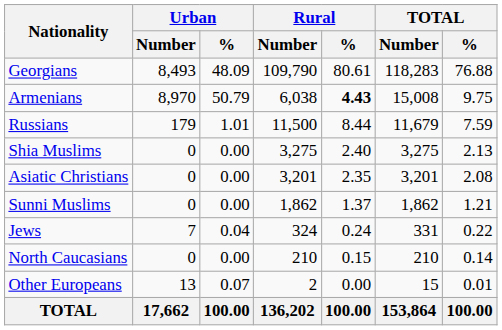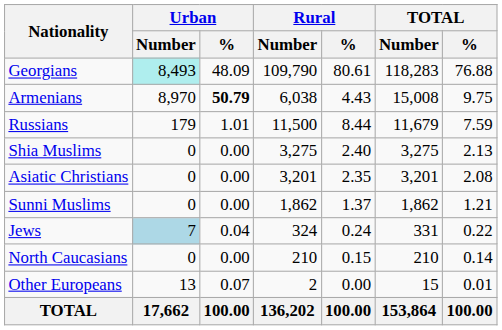 <table class="wikitable sortable">
 <tr>
 <th rowspan="2">Nationality</th>
 <th colspan="2"><a href='#'>Urban</a></th>
 <th colspan="2"><a href='#'>Rural</a></th>
 <th colspan="2">TOTAL</th>
 </tr>
 <tr>
 <th>Number</th>
 <th>%</th>
 <th>Number</th>
 <th>%</th>
 <th>Number</th>
 <th>%</th>
 </tr>
 <tr>
 <td><a href='#'>Georgians</a></td>
-<td align="right">8,493</td>
+<td align="right" style="background: paleturquoise;">8,493</td>
 <td align="right">48.09</td>
 <td align="right">109,790</td>
 <td align="right">80.61</td>
 <td align="right">118,283</td>
 <td align="right">76.88</td>
 </tr>
 <tr>
 <td><a href='#'>Armenians</a></td>
 <td align="right">8,970</td>
-<td align="right">50.79</td>
+<td align="right"><strong>50.79</strong></td>
 <td align="right">6,038</td>
-<td align="right"><strong>4.43</strong></td>
+<td align="right">4.43</td>
 <td align="right">15,008</td>
 <td align="right">9.75</td>
 </tr>
 <tr>
 <td><a href='#'>Russians</a></td>
 <td align="right">179</td>
 <td align="right">1.01</td>
 <td align="right">11,500</td>
 <td align="right">8.44</td>
 <td align="right">11,679</td>
 <td align="right">7.59</td>
 </tr>
 <tr>
 <td><a href='#'>Shia Muslims</a></td>
 <td align="right">0</td>
 <td align="right">0.00</td>
 <td align="right">3,275</td>
 <td align="right">2.40</td>
 <td align="right">3,275</td>
 <td align="right">2.13</td>
 </tr>
 <tr>
 <td><a href='#'>Asiatic Christians</a></td>
 <td align="right">0</td>
 <td align="right">0.00</td>
 <td align="right">3,201</td>
 <td align="right">2.35</td>
 <td align="right">3,201</td>
 <td align="right">2.08</td>
 </tr>
 <tr>
 <td><a href='#'>Sunni Muslims</a></td>
 <td align="right">0</td>
 <td align="right">0.00</td>
 <td align="right">1,862</td>
 <td align="right">1.37</td>
 <td align="right">1,862</td>
 <td align="right">1.21</td>
 </tr>
 <tr>
 <td><a href='#'>Jews</a></td>
-<td align="right">7</td>
+<td align="right" style="background: lightblue;">7</td>
 <td align="right">0.04</td>
 <td align="right">324</td>
 <td align="right">0.24</td>
 <td align="right">331</td>
 <td align="right">0.22</td>
 </tr>
 <tr>
 <td><a href='#'>North Caucasians</a></td>
 <td align="right">0</td>
 <td align="right">0.00</td>
 <td align="right">210</td>
 <td align="right">0.15</td>
 <td align="right">210</td>
 <td align="right">0.14</td>
 </tr>
 <tr>
 <td><a href='#'>Other Europeans</a></td>
 <td align="right">13</td>
 <td align="right">0.07</td>
 <td align="right">2</td>
 <td align="right">0.00</td>
 <td align="right">15</td>
 <td align="right">0.01</td>
 </tr>
 <tr>
 <th>TOTAL</th>
 <th>17,662</th>
 <th>100.00</th>
 <th>136,202</th>
 <th>100.00</th>
 <th>153,864</th>
 <th>100.00</th>
 </tr>
 </table>
